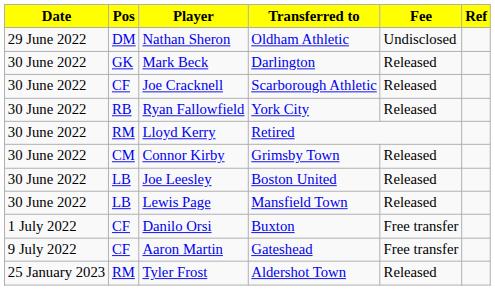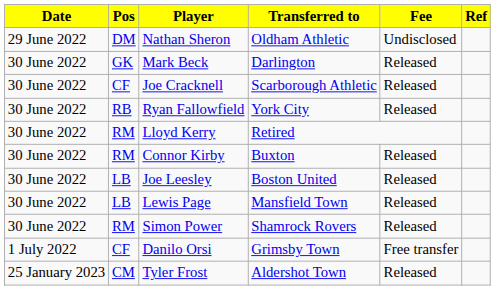 <table class="wikitable plainrowheaders sortable">
 <tr>
 <th style="background:#FFFF00; color:#000000; ">Date</th>
 <th style="background:#FFFF00; color:#000000; ">Pos</th>
 <th style="background:#FFFF00; color:#000000; ">Player</th>
 <th style="background:#FFFF00; color:#000000; ">Transferred to</th>
 <th style="background:#FFFF00; color:#000000; ">Fee</th>
 <th style="background:#FFFF00; color:#000000; ">Ref</th>
 </tr>
 <tr>
 <td>29 June 2022</td>
 <td><a href='#'>DM</a></td>
 <td> <a href='#'>Nathan Sheron</a></td>
 <td> <a href='#'>Oldham Athletic</a></td>
 <td>Undisclosed</td>
 <td></td>
 </tr>
 <tr>
 <td>30 June 2022</td>
 <td><a href='#'>GK</a></td>
 <td> <a href='#'>Mark Beck</a></td>
 <td> <a href='#'>Darlington</a></td>
 <td>Released</td>
 <td></td>
 </tr>
 <tr>
 <td>30 June 2022</td>
 <td><a href='#'>CF</a></td>
 <td> <a href='#'>Joe Cracknell</a></td>
 <td> <a href='#'>Scarborough Athletic</a></td>
 <td>Released</td>
 <td></td>
 </tr>
 <tr>
 <td>30 June 2022</td>
 <td><a href='#'>RB</a></td>
 <td> <a href='#'>Ryan Fallowfield</a></td>
 <td><a href='#'>York City</a></td>
 <td>Released</td>
 <td></td>
 </tr>
 <tr>
 <td>30 June 2022</td>
 <td><a href='#'>RM</a></td>
 <td> <a href='#'>Lloyd Kerry</a></td>
 <td colspan="2"> <a href='#'>Retired</a></td>
 <td></td>
 </tr>
 <tr>
 <td>30 June 2022</td>
-<td><a href='#'>CM</a></td>
+<td><a href='#'>RM</a></td>
 <td> <a href='#'>Connor Kirby</a></td>
-<td> <a href='#'>Grimsby Town</a></td>
+<td> <a href='#'>Buxton</a></td>
 <td>Released</td>
 <td></td>
 </tr>
 <tr>
 <td>30 June 2022</td>
 <td><a href='#'>LB</a></td>
 <td> <a href='#'>Joe Leesley</a></td>
 <td> <a href='#'>Boston United</a></td>
 <td>Released</td>
 <td></td>
 </tr>
 <tr>
 <td>30 June 2022</td>
 <td><a href='#'>LB</a></td>
 <td> <a href='#'>Lewis Page</a></td>
 <td> <a href='#'>Mansfield Town</a></td>
 <td>Released</td>
 <td></td>
 </tr>
 <tr>
+<td>30 June 2022</td>
+<td><a href='#'>RM</a></td>
+<td> <a href='#'>Simon Power</a></td>
+<td> <a href='#'>Shamrock Rovers</a></td>
+<td>Released</td>
+<td></td>
+</tr>
+<tr>
 <td>1 July 2022</td>
 <td><a href='#'>CF</a></td>
 <td> <a href='#'>Danilo Orsi</a></td>
-<td> <a href='#'>Buxton</a></td>
-<td>Free transfer</td>
-<td></td>
-</tr>
-<tr>
-<td>9 July 2022</td>
-<td><a href='#'>CF</a></td>
-<td> <a href='#'>Aaron Martin</a></td>
-<td> <a href='#'>Gateshead</a></td>
+<td> <a href='#'>Grimsby Town</a></td>
 <td>Free transfer</td>
 <td></td>
 </tr>
 <tr>
 <td>25 January 2023</td>
-<td><a href='#'>RM</a></td>
+<td><a href='#'>CM</a></td>
 <td> <a href='#'>Tyler Frost</a></td>
 <td> <a href='#'>Aldershot Town</a></td>
 <td>Released</td>
 <td></td>
 </tr>
 </table>
